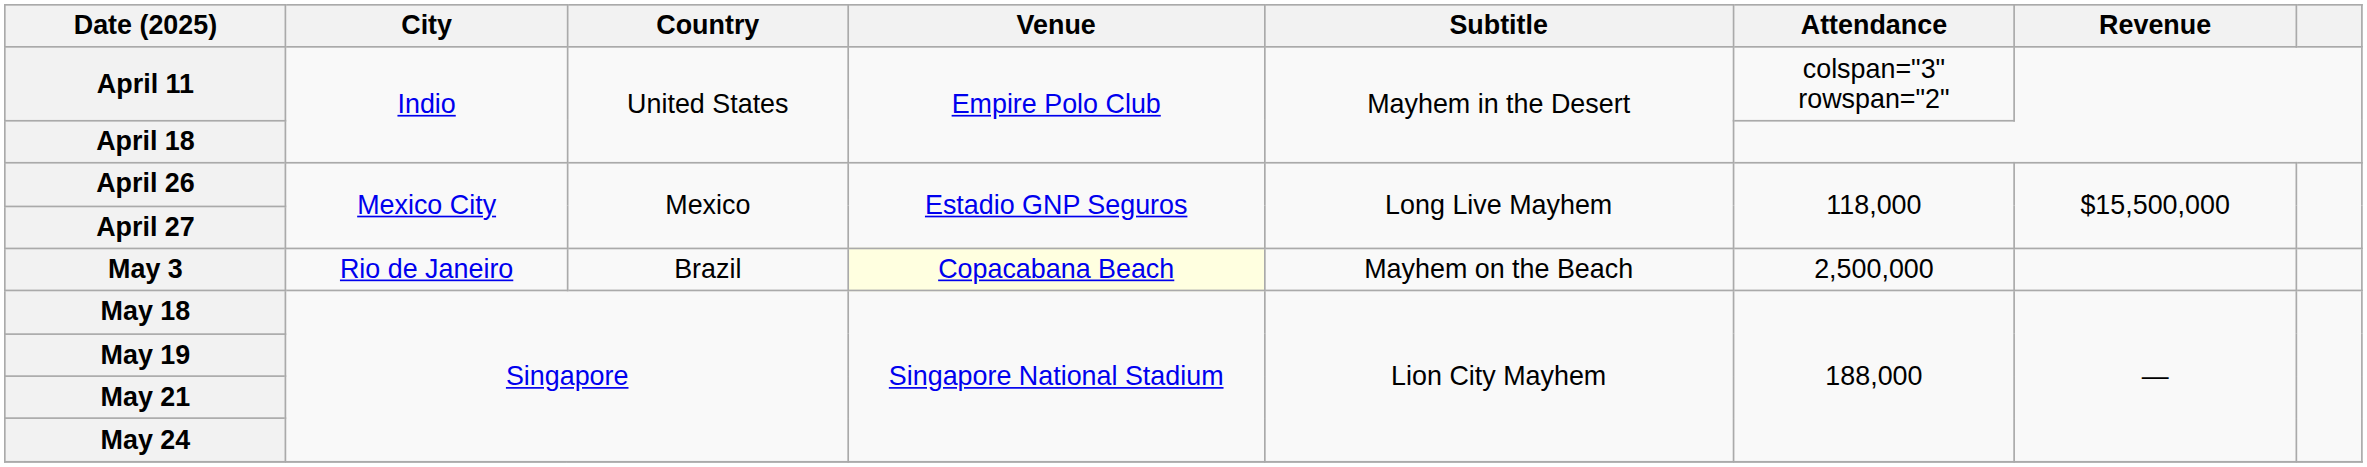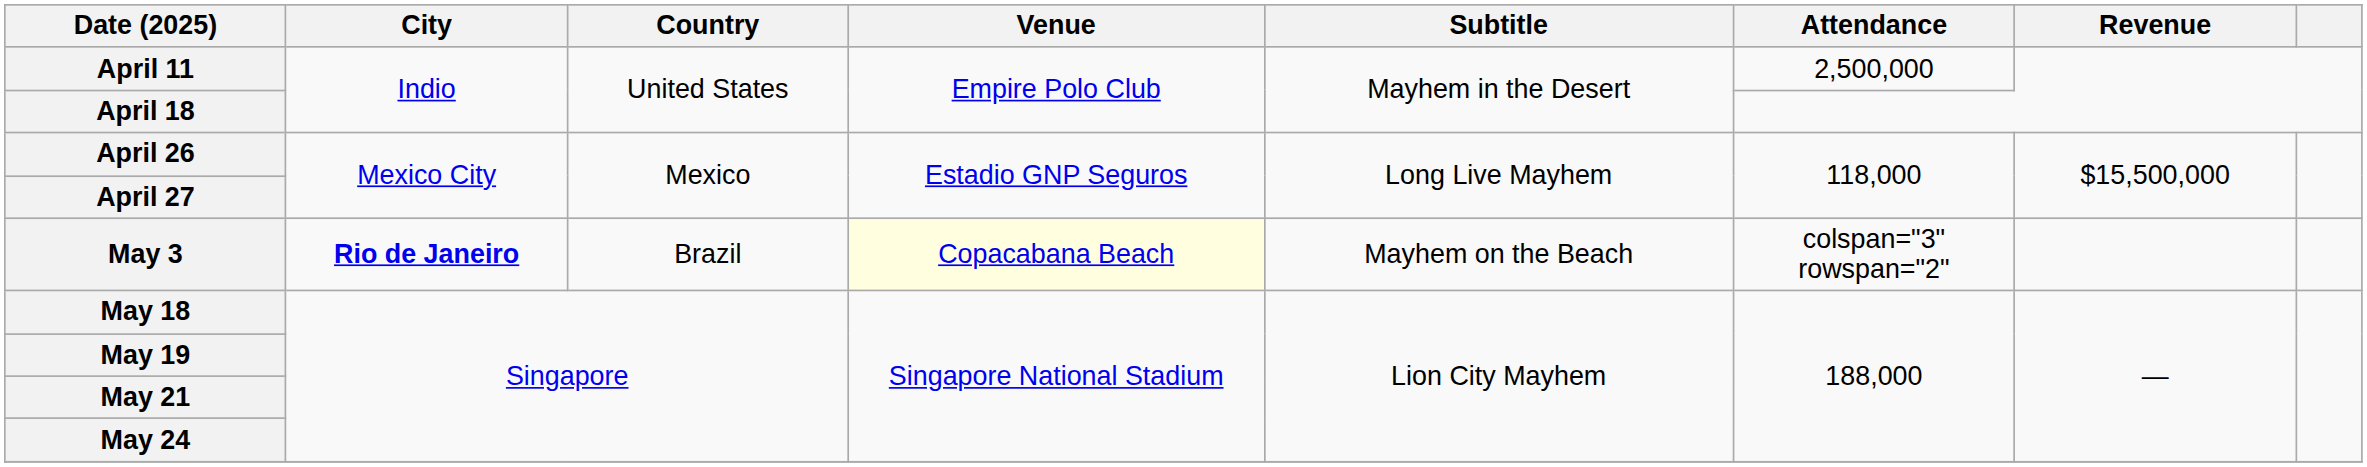 <table class="wikitable plainrowheaders" style="text-align:center;">
 <tr>
 <th scope="col" style="width:10em;">Date (2025)</th>
 <th scope="col" style="width:10em;">City</th>
 <th scope="col" style="width:10em;">Country</th>
 <th scope="col" style="width:15em;">Venue</th>
 <th scope="col" style="width:17em;">Subtitle</th>
 <th scope="col" style="width:10em;">Attendance</th>
 <th scope="col" style="width:10em;">Revenue</th>
 <th scope="col" style="width:2em;"></th>
 </tr>
 <tr>
 <th scope="row" style="text-align:center;">April 11</th>
 <td rowspan="2"><a href='#'>Indio</a></td>
 <td rowspan="2">United States</td>
 <td rowspan="2"><a href='#'>Empire Polo Club</a></td>
 <td rowspan="2">Mayhem in the Desert</td>
-<td>colspan="3" rowspan="2" </td>
+<td>2,500,000</td>
 </tr>
 <tr>
 <th scope="row" style="text-align:center;">April 18</th>
 </tr>
 <tr>
 <th scope="row" style="text-align:center;">April 26</th>
 <td rowspan="2"><a href='#'>Mexico City</a></td>
 <td rowspan="2">Mexico</td>
 <td rowspan="2"><a href='#'>Estadio GNP Seguros</a></td>
 <td rowspan="2">Long Live Mayhem</td>
 <td rowspan="2">118,000</td>
 <td rowspan="2">$15,500,000</td>
 <td rowspan="2"></td>
 </tr>
 <tr>
 <th scope="row" style="text-align:center;">April 27</th>
 </tr>
 <tr>
 <th scope="row" style="text-align:center;">May 3</th>
-<td><a href='#'>Rio de Janeiro</a></td>
+<td><strong><a href='#'>Rio de Janeiro</a></strong></td>
 <td>Brazil</td>
 <td style="background: lightyellow;"><a href='#'>Copacabana Beach</a></td>
 <td>Mayhem on the Beach</td>
-<td>2,500,000</td>
+<td>colspan="3" rowspan="2" </td>
 <td></td>
 <td></td>
 </tr>
 <tr>
 <th scope="row" style="text-align:center;">May 18</th>
 <td rowspan="4" colspan="2"><a href='#'>Singapore</a></td>
 <td rowspan="4"><a href='#'>Singapore National Stadium</a></td>
 <td rowspan="4">Lion City Mayhem</td>
 <td rowspan="4">188,000</td>
 <td rowspan="4">—</td>
 <td rowspan="4"></td>
 </tr>
 <tr>
 <th scope="row" style="text-align:center;">May 19</th>
 </tr>
 <tr>
 <th scope="row" style="text-align:center;">May 21</th>
 </tr>
 <tr>
 <th scope="row" style="text-align:center;">May 24</th>
 </tr>
 <tr>
 </tr>
 </table>
